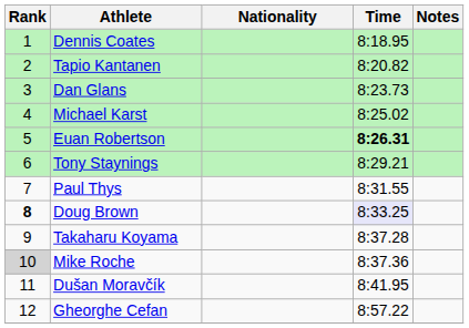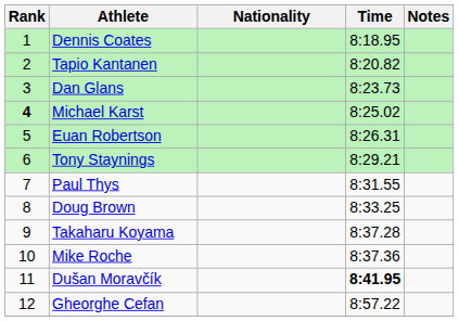 <table class="wikitable sortable" style="text-align:center">
 <tr>
 <th width=30>Rank</th>
 <th width=150>Athlete</th>
 <th width=150>Nationality</th>
 <th width=30>Time</th>
 <th width=30>Notes</th>
 </tr>
 <tr bgcolor=bbf3bb>
 <td>1</td>
 <td align="left"><a href='#'>Dennis Coates</a></td>
 <td align="left"></td>
 <td>8:18.95</td>
 <td></td>
 </tr>
 <tr bgcolor=bbf3bb>
 <td>2</td>
 <td align="left"><a href='#'>Tapio Kantanen</a></td>
 <td align="left"></td>
 <td>8:20.82</td>
 <td></td>
 </tr>
 <tr bgcolor=bbf3bb>
 <td>3</td>
 <td align="left"><a href='#'>Dan Glans</a></td>
 <td align="left"></td>
 <td>8:23.73</td>
 <td></td>
 </tr>
 <tr bgcolor=bbf3bb>
-<td>4</td>
+<td><strong>4</strong></td>
 <td align="left"><a href='#'>Michael Karst</a></td>
 <td align="left"></td>
 <td>8:25.02</td>
 <td></td>
 </tr>
 <tr bgcolor=bbf3bb>
 <td>5</td>
 <td align="left"><a href='#'>Euan Robertson</a></td>
 <td align="left"></td>
-<td><strong>8:26.31</strong></td>
+<td>8:26.31</td>
 <td></td>
 </tr>
 <tr bgcolor=bbf3bb>
 <td>6</td>
 <td align="left"><a href='#'>Tony Staynings</a></td>
 <td align="left"></td>
 <td>8:29.21</td>
 <td></td>
 </tr>
 <tr>
 <td>7</td>
 <td align="left"><a href='#'>Paul Thys</a></td>
 <td align="left"></td>
 <td>8:31.55</td>
 <td></td>
 </tr>
 <tr>
-<td><strong>8</strong></td>
+<td>8</td>
 <td align="left"><a href='#'>Doug Brown</a></td>
 <td align="left"></td>
-<td style="background: lavender;">8:33.25</td>
+<td>8:33.25</td>
 <td></td>
 </tr>
 <tr>
 <td>9</td>
 <td align="left"><a href='#'>Takaharu Koyama</a></td>
 <td align="left"></td>
 <td>8:37.28</td>
 <td></td>
 </tr>
 <tr>
-<td style="background: lightgrey;">10</td>
+<td>10</td>
 <td align="left"><a href='#'>Mike Roche</a></td>
 <td align="left"></td>
 <td>8:37.36</td>
 <td></td>
 </tr>
 <tr>
 <td>11</td>
 <td align="left"><a href='#'>Dušan Moravčík</a></td>
 <td align="left"></td>
-<td>8:41.95</td>
+<td><strong>8:41.95</strong></td>
 <td></td>
 </tr>
 <tr>
 <td>12</td>
 <td align="left"><a href='#'>Gheorghe Cefan</a></td>
 <td align="left"></td>
 <td>8:57.22</td>
 <td></td>
 </tr>
 <tr>
 </tr>
 </table>
